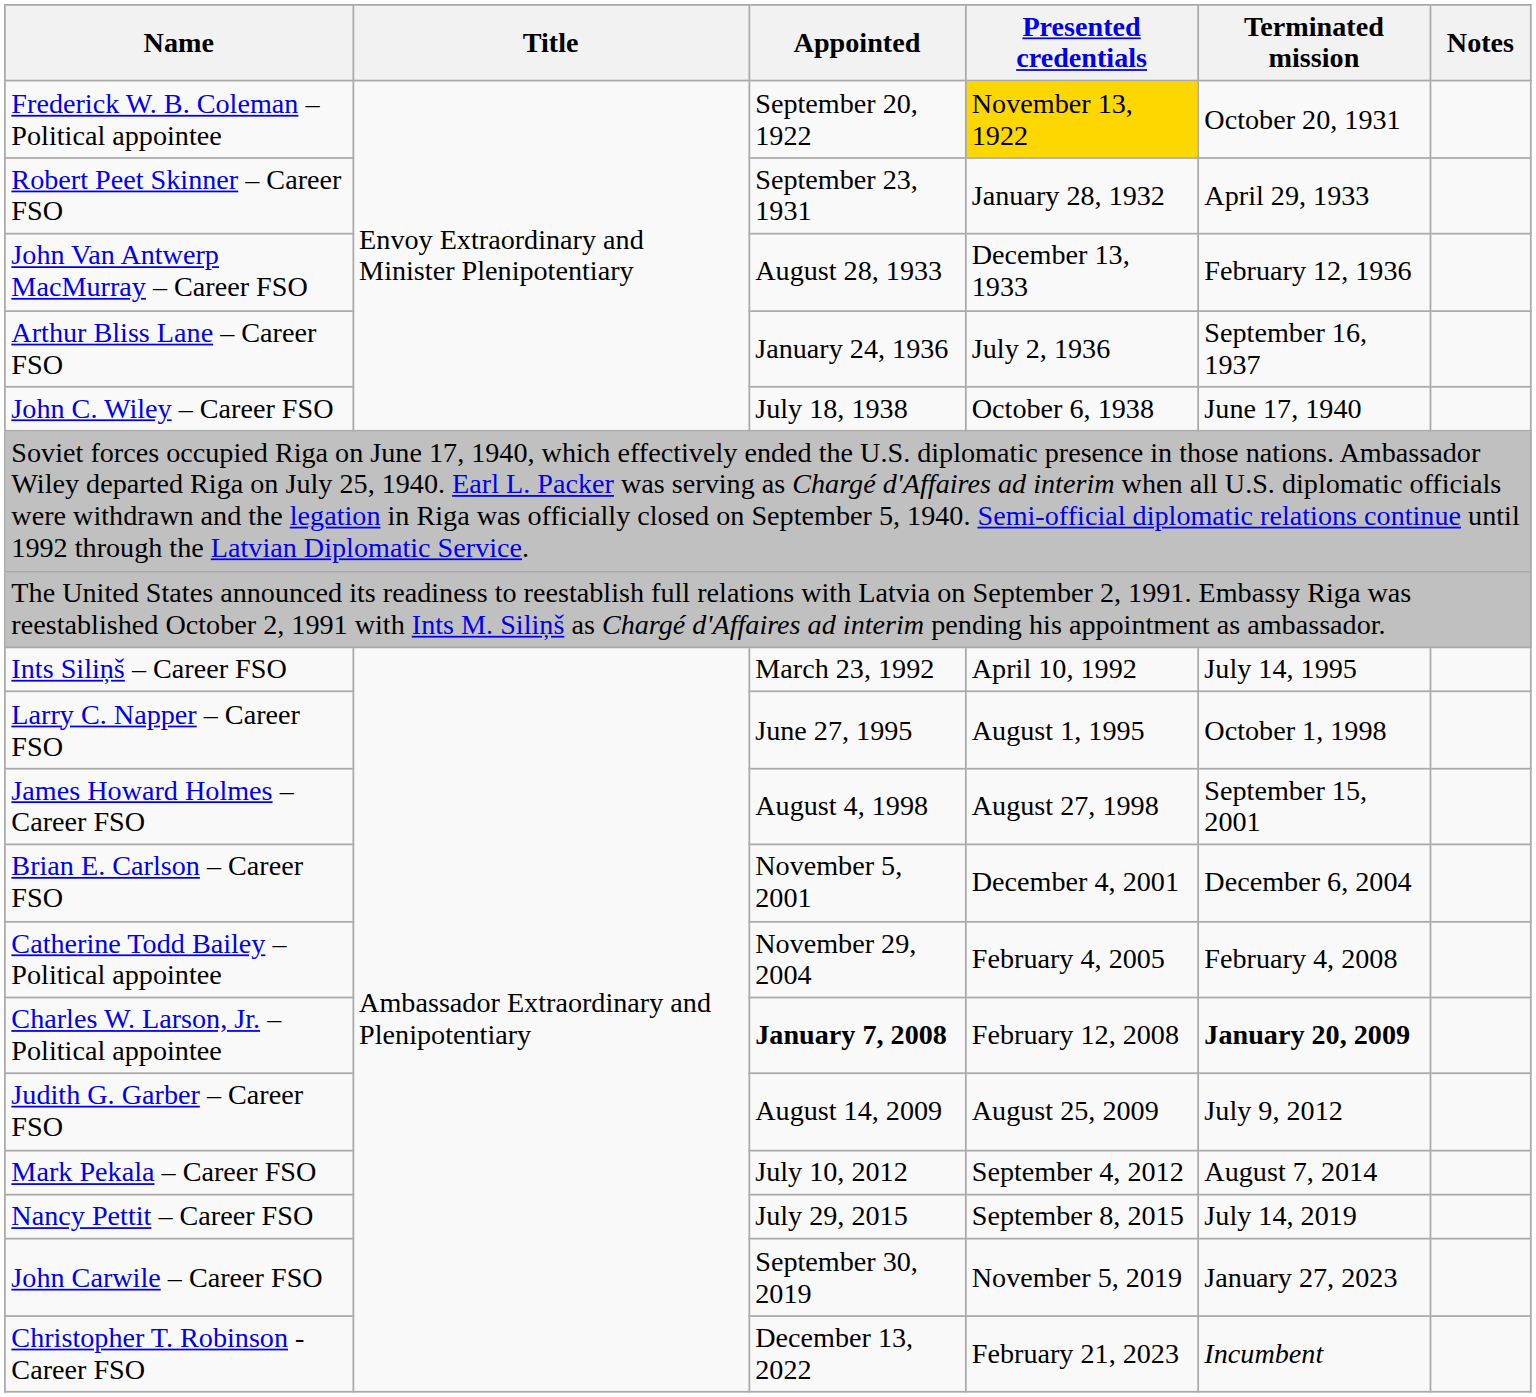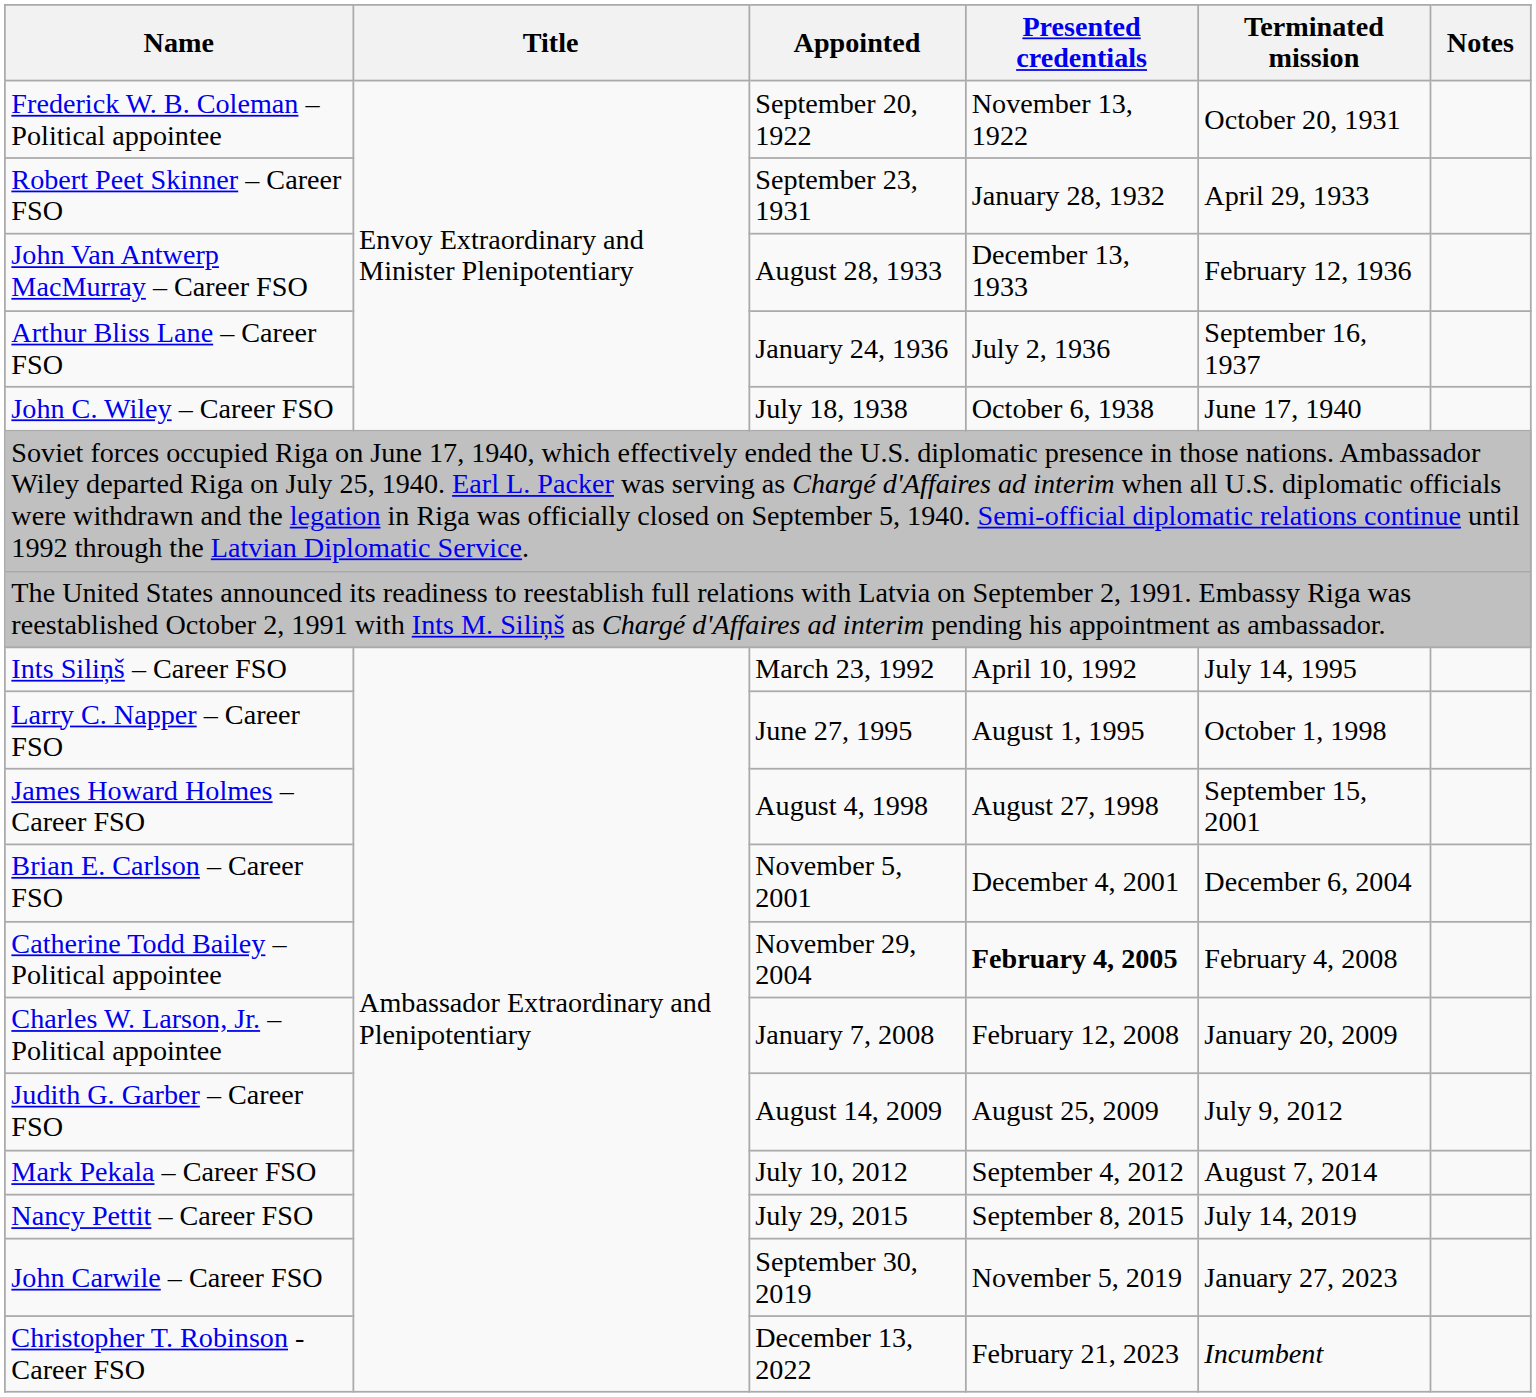 <table class="wikitable">
 <tr>
 <th>Name</th>
 <th>Title</th>
 <th>Appointed</th>
 <th><a href='#'>Presented credentials</a></th>
 <th>Terminated mission</th>
 <th>Notes</th>
 </tr>
 <tr>
 <td><a href='#'>Frederick W. B. Coleman</a> – Political appointee</td>
 <td rowspan="5">Envoy Extraordinary and Minister Plenipotentiary</td>
 <td>September 20, 1922</td>
-<td style="background: gold;">November 13, 1922</td>
+<td>November 13, 1922</td>
 <td>October 20, 1931</td>
 <td></td>
 </tr>
 <tr>
 <td><a href='#'>Robert Peet Skinner</a> – Career FSO</td>
 <td>September 23, 1931</td>
 <td>January 28, 1932</td>
 <td>April 29, 1933</td>
 <td></td>
 </tr>
 <tr>
 <td><a href='#'>John Van Antwerp MacMurray</a> – Career FSO</td>
 <td>August 28, 1933</td>
 <td>December 13, 1933</td>
 <td>February 12, 1936</td>
 <td></td>
 </tr>
 <tr>
 <td><a href='#'>Arthur Bliss Lane</a> – Career FSO</td>
 <td>January 24, 1936</td>
 <td>July 2, 1936</td>
 <td>September 16, 1937</td>
 <td></td>
 </tr>
 <tr>
 <td><a href='#'>John C. Wiley</a> – Career FSO</td>
 <td>July 18, 1938</td>
 <td>October 6, 1938</td>
 <td>June 17, 1940</td>
 <td></td>
 </tr>
 <tr>
 <td colspan="6" style="background: silver;">Soviet forces occupied Riga on June 17, 1940, which effectively ended the U.S. diplomatic presence in those nations. Ambassador Wiley departed Riga on July 25, 1940.    <a href='#'>Earl L. Packer</a> was serving as <em>Chargé d'Affaires ad interim</em> when all U.S. diplomatic officials were withdrawn and the <a href='#'>legation</a> in Riga was officially closed on September 5, 1940. <a href='#'>Semi-official diplomatic relations continue</a> until 1992 through the <a href='#'>Latvian Diplomatic Service</a>.</td>
 </tr>
 <tr>
 <td colspan="6" style="background: silver;">The United States announced its readiness to reestablish full relations with Latvia on September 2, 1991. Embassy Riga was reestablished October 2, 1991 with <a href='#'>Ints M. Siliņš</a> as <em>Chargé d'Affaires ad interim</em> pending his appointment as ambassador.</td>
 </tr>
 <tr>
 <td><a href='#'>Ints Siliņš</a> – Career FSO</td>
 <td rowspan=11>Ambassador Extraordinary and Plenipotentiary</td>
 <td>March 23, 1992</td>
 <td>April 10, 1992</td>
 <td>July 14, 1995</td>
 <td></td>
 </tr>
 <tr>
 <td><a href='#'>Larry C. Napper</a> – Career FSO</td>
 <td>June 27, 1995</td>
 <td>August 1, 1995</td>
 <td>October 1, 1998</td>
 <td></td>
 </tr>
 <tr>
 <td><a href='#'>James Howard Holmes</a> – Career FSO</td>
 <td>August 4, 1998</td>
 <td>August 27, 1998</td>
 <td>September 15, 2001</td>
 <td></td>
 </tr>
 <tr>
 <td><a href='#'>Brian E. Carlson</a> – Career FSO</td>
 <td>November 5, 2001</td>
 <td>December 4, 2001</td>
 <td>December 6, 2004</td>
 <td></td>
 </tr>
 <tr>
 <td><a href='#'>Catherine Todd Bailey</a> – Political appointee</td>
 <td>November 29, 2004</td>
-<td>February 4, 2005</td>
+<td><strong>February 4, 2005</strong></td>
 <td>February 4, 2008</td>
 <td></td>
 </tr>
 <tr>
 <td><a href='#'>Charles W. Larson, Jr.</a> – Political appointee</td>
-<td><strong>January 7, 2008</strong></td>
+<td>January 7, 2008</td>
 <td>February 12, 2008</td>
-<td><strong>January 20, 2009</strong></td>
+<td>January 20, 2009</td>
 <td></td>
 </tr>
 <tr>
 <td><a href='#'>Judith G. Garber</a>  – Career FSO</td>
 <td>August 14, 2009</td>
 <td>August 25, 2009</td>
 <td>July 9, 2012</td>
 <td></td>
 </tr>
 <tr>
 <td><a href='#'>Mark Pekala</a>  – Career FSO</td>
 <td>July 10, 2012</td>
 <td>September 4, 2012</td>
 <td>August 7, 2014</td>
 <td></td>
 </tr>
 <tr>
 <td><a href='#'>Nancy Pettit</a>  – Career FSO</td>
 <td>July 29, 2015</td>
 <td>September 8, 2015</td>
 <td>July 14, 2019</td>
 <td></td>
 </tr>
 <tr>
 <td><a href='#'>John Carwile</a>  – Career FSO</td>
 <td>September 30, 2019</td>
 <td>November 5, 2019</td>
 <td>January 27, 2023</td>
 <td></td>
 </tr>
 <tr>
 <td><a href='#'>Christopher T. Robinson</a> - Career FSO</td>
 <td>December 13, 2022</td>
 <td>February 21, 2023</td>
 <td><em>Incumbent</em></td>
 <td></td>
 </tr>
 </table>
